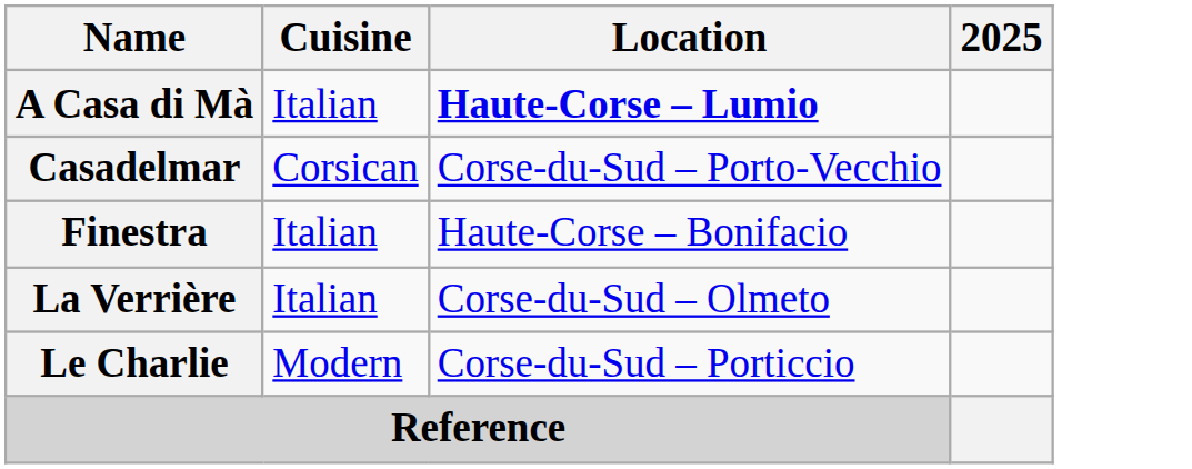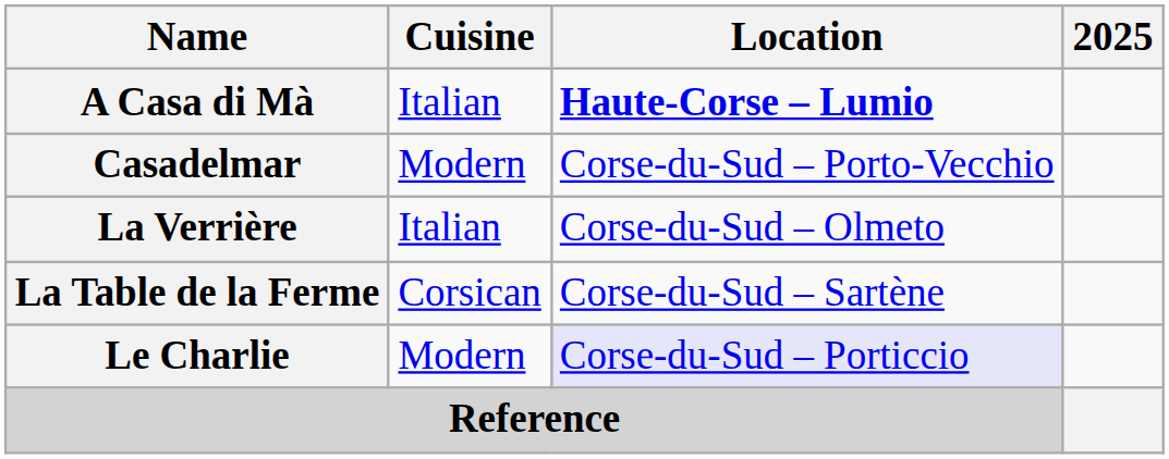 <table class="wikitable sortable plainrowheaders" style="text-align:left;"">
 <tr>
 <th scope="col">Name</th>
 <th scope="col">Cuisine</th>
 <th scope="col">Location</th>
 <th scope="col">2025</th>
 </tr>
 <tr>
 <th scope="row">A Casa di Mà</th>
 <td><a href='#'>Italian</a></td>
 <td><strong><a href='#'>Haute-Corse – Lumio</a></strong></td>
 <td></td>
 </tr>
 <tr>
 <th scope="row">Casadelmar</th>
-<td><a href='#'>Corsican</a></td>
+<td><a href='#'>Modern</a></td>
 <td><a href='#'>Corse-du-Sud – Porto-Vecchio</a></td>
-<td></td>
-</tr>
-<tr>
-<th scope="row">Finestra</th>
-<td><a href='#'>Italian</a></td>
-<td><a href='#'>Haute-Corse – Bonifacio</a></td>
 <td></td>
 </tr>
 <tr>
 <th scope="row">La Verrière</th>
 <td><a href='#'>Italian</a></td>
 <td><a href='#'>Corse-du-Sud – Olmeto</a></td>
 <td></td>
 </tr>
 <tr>
+<th scope="row">La Table de la Ferme</th>
+<td><a href='#'>Corsican</a></td>
+<td><a href='#'>Corse-du-Sud – Sartène</a></td>
+<td></td>
+</tr>
+<tr>
 <th scope="row">Le Charlie</th>
 <td><a href='#'>Modern</a></td>
-<td><a href='#'>Corse-du-Sud – Porticcio</a></td>
+<td style="background: lavender;"><a href='#'>Corse-du-Sud – Porticcio</a></td>
 <td></td>
 </tr>
 <tr>
 <th colspan="3" style="text-align: center;background: lightgray;">Reference</th>
 <th></th>
 </tr>
 </table>
